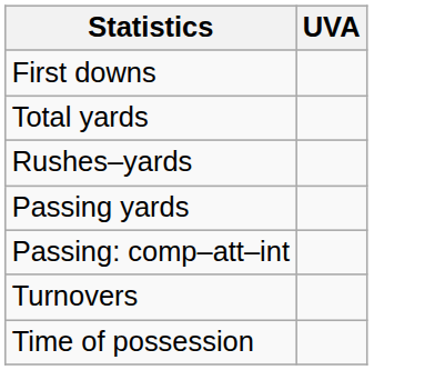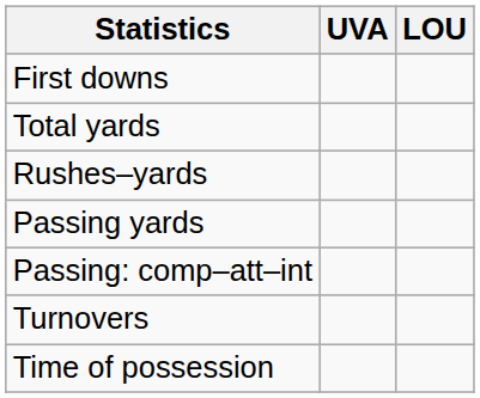 <table class="wikitable" style="float:left">
 <tr>
 <th>Statistics</th>
 <th>UVA</th>
+<th>LOU</th>
 </tr>
 <tr>
 <td>First downs</td>
+<td></td>
 <td></td>
 </tr>
 <tr>
 <td>Total yards</td>
 <td></td>
+<td></td>
 </tr>
 <tr>
 <td>Rushes–yards</td>
+<td></td>
 <td></td>
 </tr>
 <tr>
 <td>Passing yards</td>
 <td></td>
+<td></td>
 </tr>
 <tr>
 <td>Passing: comp–att–int</td>
+<td></td>
 <td></td>
 </tr>
 <tr>
 <td>Turnovers</td>
 <td></td>
+<td></td>
 </tr>
 <tr>
 <td>Time of possession</td>
 <td></td>
+<td></td>
 </tr>
 </table>
